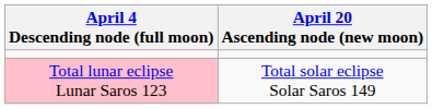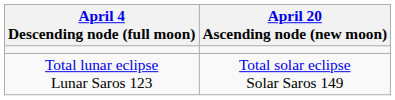 <table class="wikitable">
 <tr>
 <th><a href='#'>April 4</a><br>Descending node (full moon)<br></th>
 <th><a href='#'>April 20</a><br>Ascending node (new moon)<br></th>
 </tr>
 <tr>
 <td></td>
 <td></td>
 </tr>
 <tr align=center>
-<td style="background: pink;"><a href='#'>Total lunar eclipse</a><br>Lunar Saros 123</td>
+<td><a href='#'>Total lunar eclipse</a><br>Lunar Saros 123</td>
 <td><a href='#'>Total solar eclipse</a><br>Solar Saros 149</td>
 </tr>
 </table>
